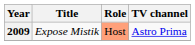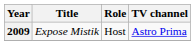 <table class="wikitable">
 <tr>
 <th>Year</th>
 <th>Title</th>
 <th>Role</th>
 <th>TV channel</th>
 </tr>
 <tr>
 <th>2009</th>
 <td><em>Expose Mistik</em></td>
-<td style="background: lightsalmon;">Host</td>
+<td>Host</td>
 <td><a href='#'>Astro Prima</a></td>
 </tr>
 <tr>
 </tr>
 </table>
